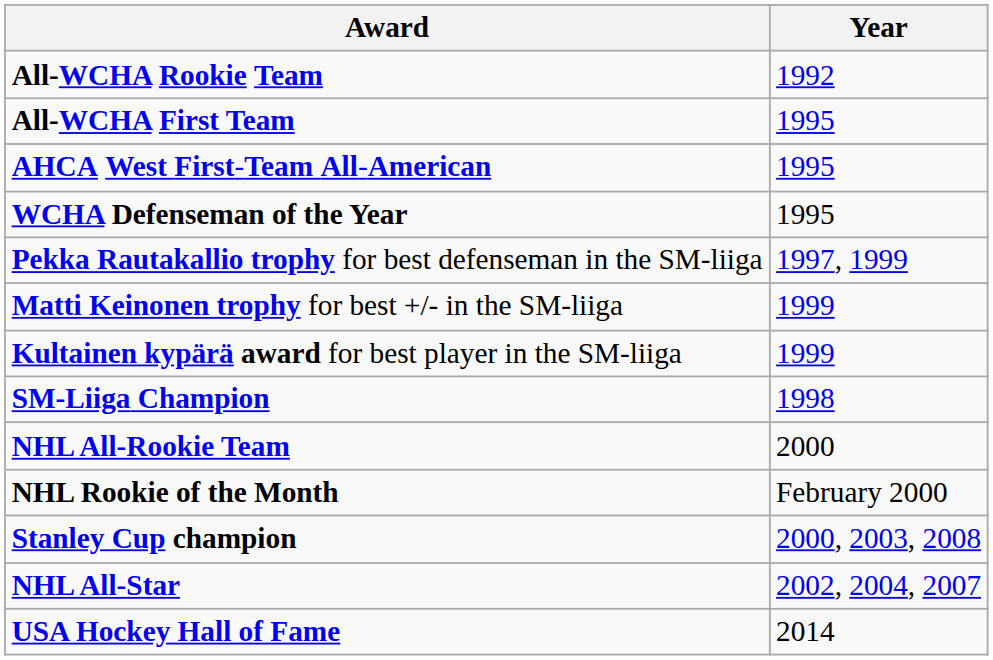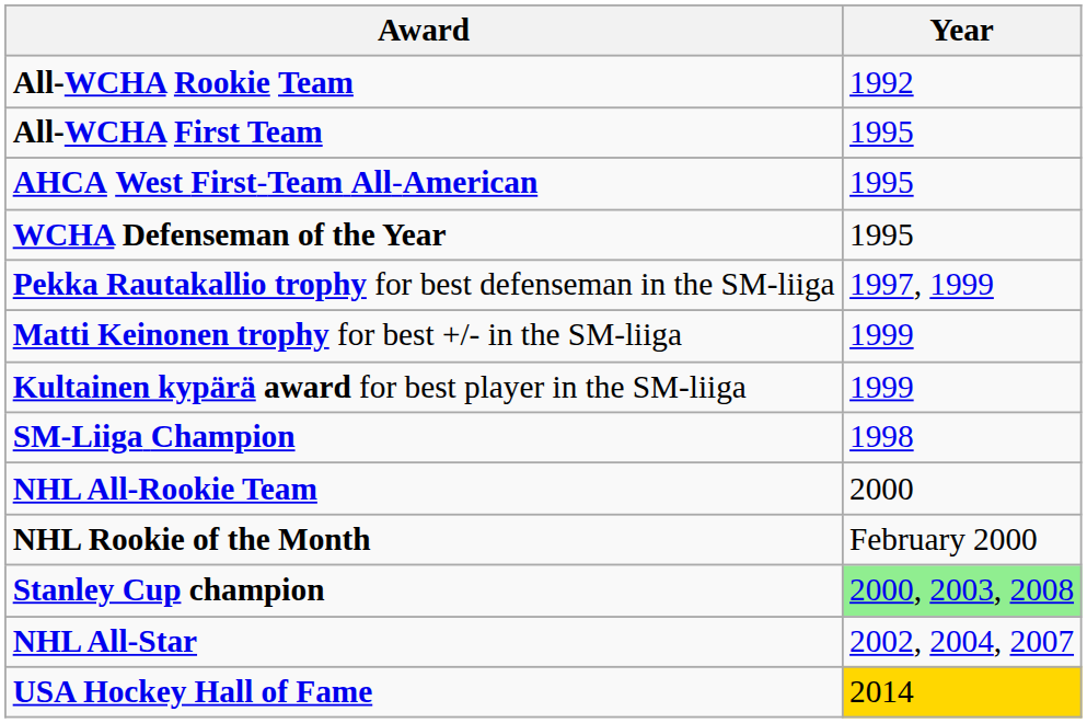 <table class="wikitable">
 <tr>
 <th>Award</th>
 <th>Year</th>
 </tr>
 <tr>
 <td><strong>All-<a href='#'>WCHA</a> <a href='#'>Rookie</a></strong> <a href='#'><strong>Team</strong></a></td>
 <td><a href='#'>1992</a></td>
 </tr>
 <tr>
 <td><strong>All-<a href='#'>WCHA</a> <a href='#'>First Team</a></strong></td>
 <td><a href='#'>1995</a></td>
 </tr>
 <tr>
 <td><a href='#'><strong>AHCA</strong></a> <a href='#'><strong>West</strong> <strong>First</strong>-<strong>Team</strong> <strong>All</strong>-<strong>American</strong></a></td>
 <td><a href='#'>1995</a></td>
 </tr>
 <tr>
 <td><strong><a href='#'>WCHA</a> Defenseman of the Year</strong></td>
 <td>1995</td>
 </tr>
 <tr>
 <td><strong><a href='#'>Pekka Rautakallio trophy</a></strong> for best defenseman in the SM-liiga</td>
 <td><a href='#'>1997</a>, <a href='#'>1999</a></td>
 </tr>
 <tr>
 <td><strong><a href='#'>Matti Keinonen trophy</a></strong> for best +/- in the SM-liiga</td>
 <td><a href='#'>1999</a></td>
 </tr>
 <tr>
 <td><strong><a href='#'>Kultainen kypärä</a> award</strong> for best player in the SM-liiga</td>
 <td><a href='#'>1999</a></td>
 </tr>
 <tr>
 <td><a href='#'><strong>SM-Liiga</strong> <strong>Champion</strong></a></td>
 <td><a href='#'>1998</a></td>
 </tr>
 <tr>
 <td><strong><a href='#'>NHL All-Rookie Team</a></strong></td>
 <td>2000</td>
 </tr>
 <tr>
 <td><strong>NHL Rookie of the Month</strong></td>
 <td>February 2000</td>
 </tr>
 <tr>
 <td><strong><a href='#'>Stanley Cup</a> champion</strong></td>
-<td><a href='#'>2000</a>, <a href='#'>2003</a>, <a href='#'>2008</a></td>
+<td style="background: lightgreen;"><a href='#'>2000</a>, <a href='#'>2003</a>, <a href='#'>2008</a></td>
 </tr>
 <tr>
 <td><a href='#'><strong>NHL All-Star</strong></a></td>
 <td><a href='#'>2002</a>, <a href='#'>2004</a>, <a href='#'>2007</a></td>
 </tr>
 <tr>
 <td><strong><a href='#'>USA Hockey Hall of Fame</a></strong></td>
-<td>2014</td>
+<td style="background: gold;">2014</td>
 </tr>
 </table>
